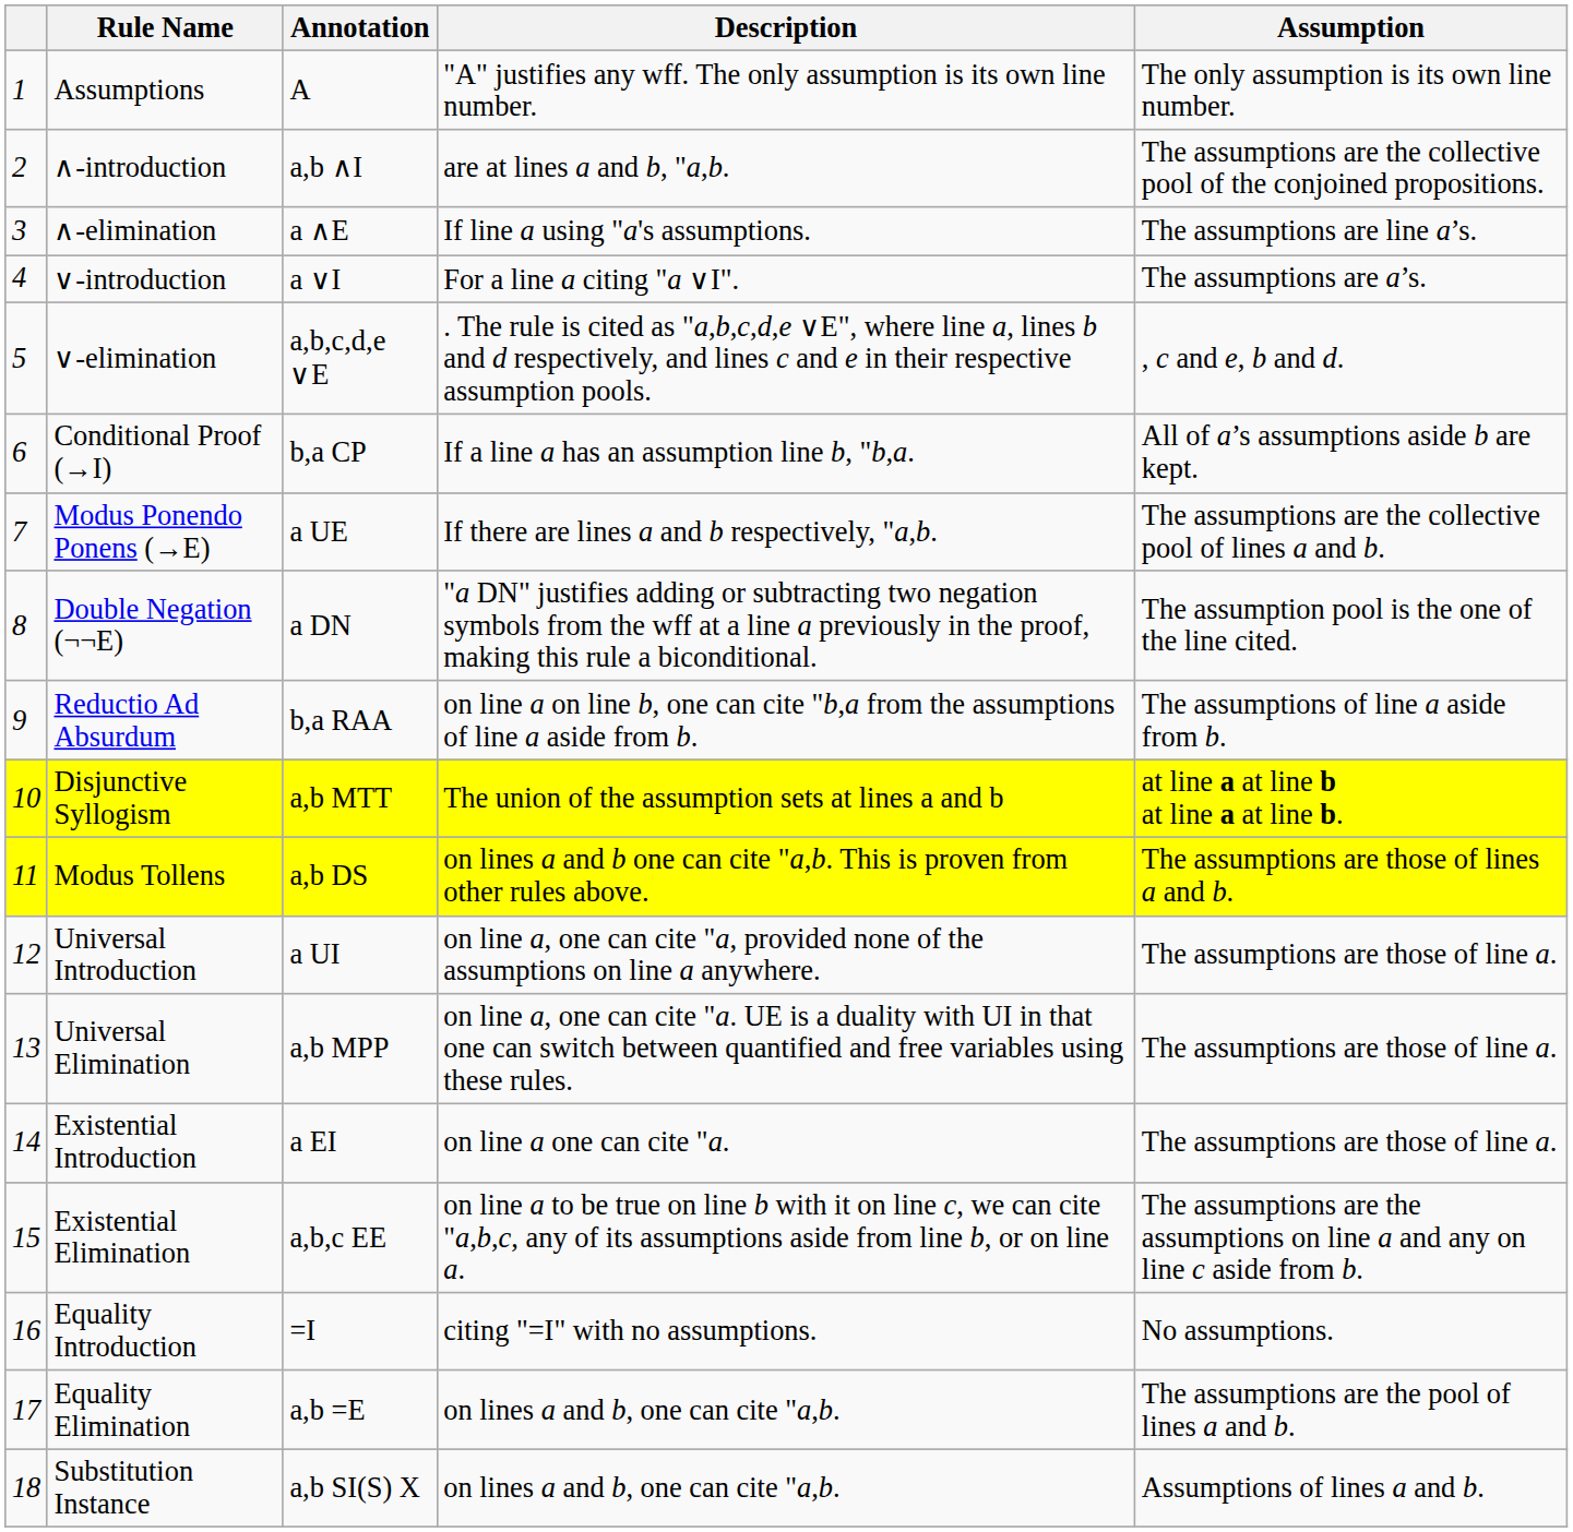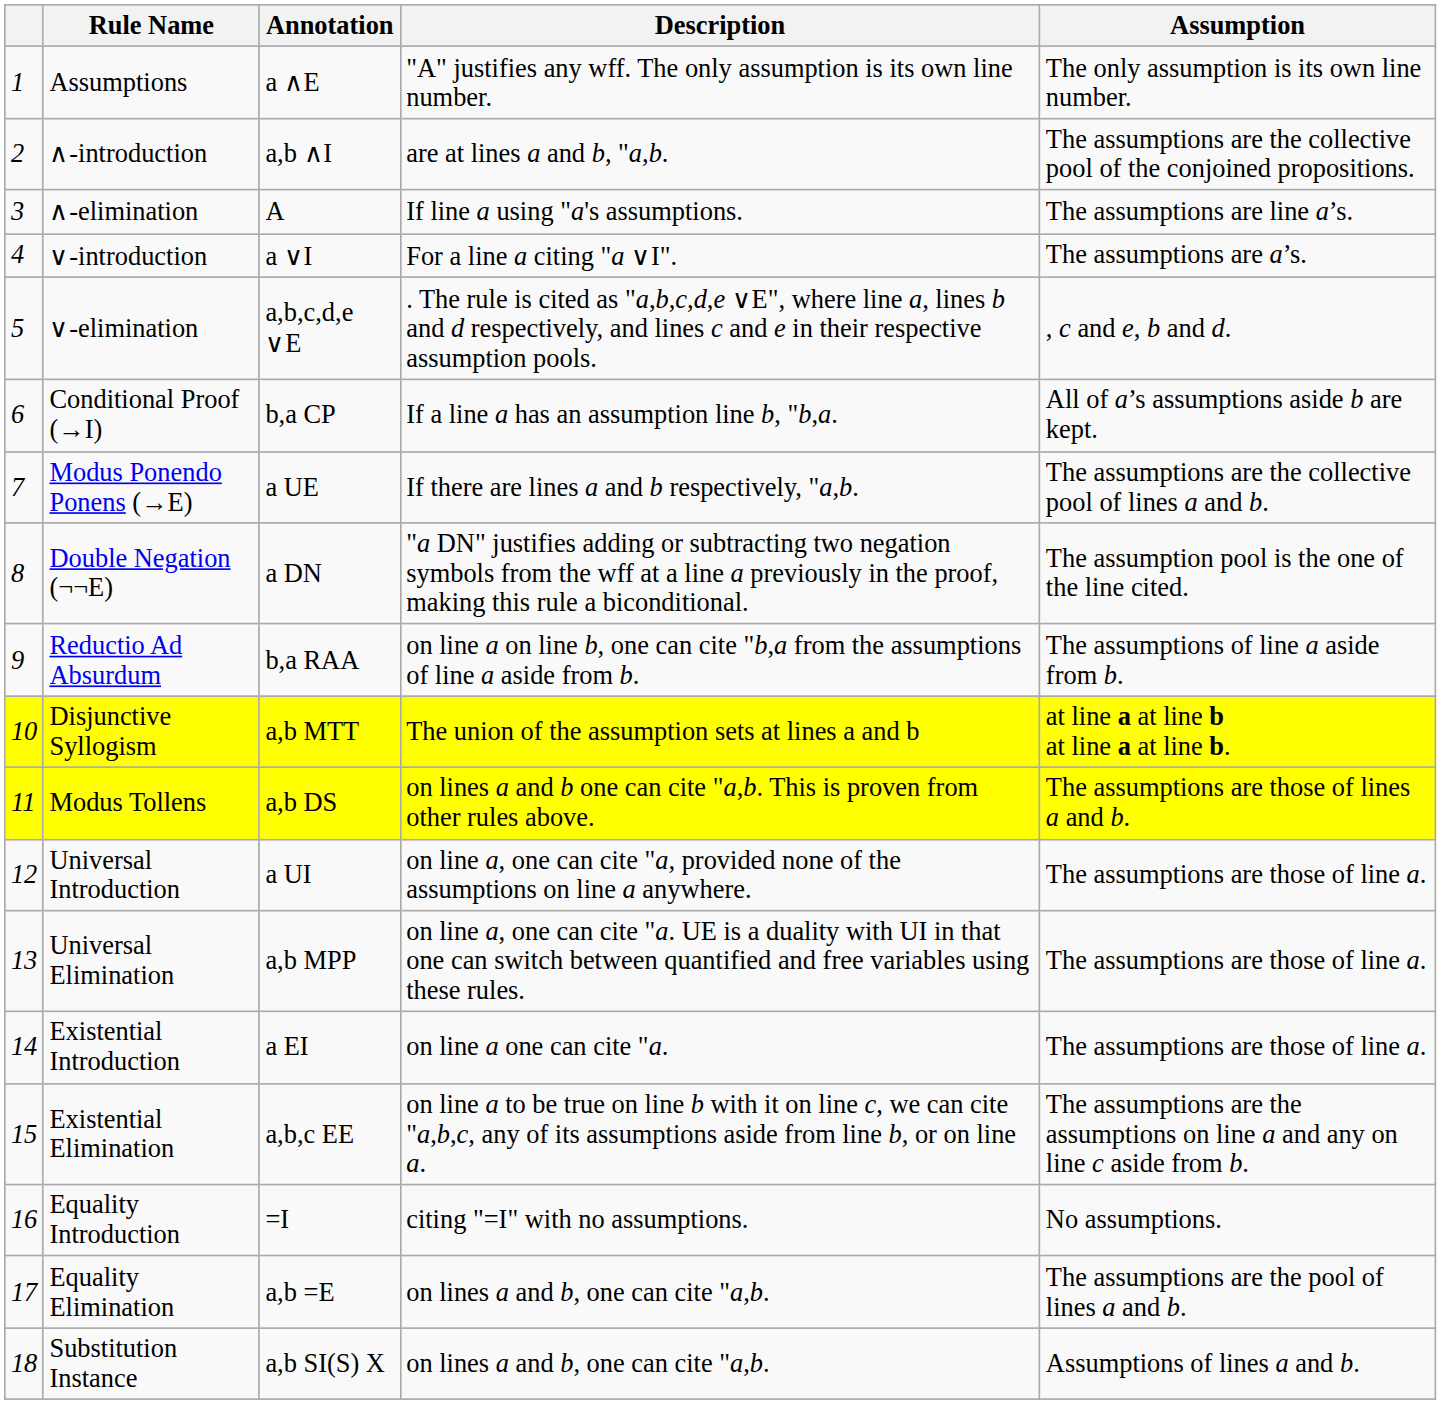 <table class="wikitable">
 <tr>
 <th></th>
 <th style="word-wrap;">Rule Name</th>
 <th style="word-wrap: nowrap;">Annotation</th>
 <th style="word-wrap: break-word;">Description</th>
 <th style="word-wrap: break-word;">Assumption</th>
 </tr>
 <tr>
 <td><em>1</em></td>
 <td>Assumptions</td>
-<td>A</td>
+<td>a ∧E</td>
 <td>"A" justifies any wff. The only assumption is its own line number.</td>
 <td>The only assumption is its own line number.</td>
 </tr>
 <tr>
 <td><em>2</em></td>
 <td>∧-introduction</td>
 <td>a,b ∧I</td>
 <td> are at lines <em>a</em> and <em>b</em>, "<em>a</em>,<em>b</em>.</td>
 <td>The assumptions are the collective pool of the conjoined propositions.</td>
 </tr>
 <tr>
 <td><em>3</em></td>
 <td>∧-elimination</td>
-<td>a ∧E</td>
+<td>A</td>
 <td>If line <em>a</em> using "<em>a</em>'s assumptions.</td>
 <td>The assumptions are line <em>a</em>’s.</td>
 </tr>
 <tr>
 <td><em>4</em></td>
 <td>∨-introduction</td>
 <td>a ∨I</td>
 <td>For a line <em>a</em> citing "<em>a</em> ∨I".</td>
 <td>The assumptions are <em>a</em>’s.</td>
 </tr>
 <tr>
 <td><em>5</em></td>
 <td>∨-elimination</td>
 <td>a,b,c,d,e ∨E</td>
 <td>. The rule is cited as "<em>a</em>,<em>b</em>,<em>c</em>,<em>d</em>,<em>e</em> ∨E", where line <em>a</em>, lines <em>b</em> and <em>d</em> respectively, and lines <em>c</em> and <em>e</em> in their respective assumption pools.</td>
 <td>, <em>c</em> and <em>e</em>, <em>b</em> and <em>d</em>.</td>
 </tr>
 <tr>
 <td><em>6</em></td>
 <td>Conditional Proof (→I)</td>
 <td>b,a CP</td>
 <td>If a line <em>a</em> has an assumption line <em>b</em>, "<em>b</em>,<em>a</em>.</td>
 <td>All of <em>a</em>’s assumptions aside <em>b</em> are kept.</td>
 </tr>
 <tr>
 <td><em>7</em></td>
 <td><a href='#'>Modus Ponendo Ponens</a> (→E)</td>
 <td>a UE</td>
 <td>If there are lines <em>a</em> and <em>b</em> respectively, "<em>a</em>,<em>b</em>.</td>
 <td>The assumptions are the collective pool of lines <em>a</em> and <em>b</em>.</td>
 </tr>
 <tr>
 <td><em>8</em></td>
 <td><a href='#'>Double Negation</a> (¬¬E)</td>
 <td>a DN</td>
 <td>"<em>a</em> DN" justifies adding or subtracting two negation symbols from the wff at a line <em>a</em> previously in the proof, making this rule a biconditional.</td>
 <td>The assumption pool is the one of the line cited.</td>
 </tr>
 <tr>
 <td><em>9</em></td>
 <td><a href='#'>Reductio Ad Absurdum</a></td>
 <td>b,a RAA</td>
 <td> on line <em>a</em> on line <em>b</em>, one can cite "<em>b</em>,<em>a</em> from the assumptions of line <em>a</em> aside from <em>b</em>.</td>
 <td>The assumptions of line <em>a</em> aside from <em>b</em>.</td>
 </tr>
 <tr>
 <td bgcolor="yellow"><em>10</em></td>
 <td bgcolor="yellow">Disjunctive Syllogism</td>
 <td bgcolor="yellow">a,b MTT</td>
 <td bgcolor="yellow">The union of the assumption sets at lines a and b</td>
 <td bgcolor="yellow"> at line <strong>a</strong> at line <strong>b</strong><br> at line <strong>a</strong> at line <strong>b</strong>.</td>
 </tr>
 <tr>
 <td bgcolor="yellow"><em>11</em></td>
 <td bgcolor="yellow">Modus Tollens</td>
 <td bgcolor="yellow">a,b DS</td>
 <td bgcolor="yellow"> on lines <em>a</em> and <em>b</em> one can cite "<em>a</em>,<em>b</em>. This is proven from other rules above.</td>
 <td bgcolor="yellow">The assumptions are those of lines <em>a</em> and <em>b</em>.</td>
 </tr>
 <tr>
 <td><em>12</em></td>
 <td>Universal Introduction</td>
 <td>a UI</td>
 <td> on line <em>a</em>, one can cite "<em>a</em>, provided none of the assumptions on line <em>a</em> anywhere.</td>
 <td>The assumptions are those of line <em>a</em>.</td>
 </tr>
 <tr>
 <td><em>13</em></td>
 <td>Universal Elimination</td>
 <td>a,b MPP</td>
 <td> on line <em>a</em>, one can cite "<em>a</em>. UE is a duality with UI in that one can switch between quantified and free variables using these rules.</td>
 <td>The assumptions are those of line <em>a</em>.</td>
 </tr>
 <tr>
 <td><em>14</em></td>
 <td>Existential Introduction</td>
 <td>a EI</td>
 <td> on line <em>a</em> one can cite "<em>a</em>.</td>
 <td>The assumptions are those of line <em>a</em>.</td>
 </tr>
 <tr>
 <td><em>15</em></td>
 <td>Existential Elimination</td>
 <td>a,b,c EE</td>
 <td> on line <em>a</em> to be true on line <em>b</em> with it on line <em>c</em>, we can cite "<em>a</em>,<em>b</em>,<em>c</em>, any of its assumptions aside from line <em>b</em>, or on line <em>a</em>.</td>
 <td>The assumptions are the assumptions on line <em>a</em> and any on line <em>c</em> aside from <em>b</em>.</td>
 </tr>
 <tr>
 <td><em>16</em></td>
 <td>Equality Introduction</td>
 <td>=I</td>
 <td> citing "=I" with no assumptions.</td>
 <td>No assumptions.</td>
 </tr>
 <tr>
 <td><em>17</em></td>
 <td>Equality Elimination</td>
 <td>a,b =E</td>
 <td> on lines <em>a</em> and <em>b</em>, one can cite "<em>a</em>,<em>b</em>.</td>
 <td>The assumptions are the pool of lines <em>a</em> and <em>b</em>.</td>
 </tr>
 <tr>
 <td><em>18</em></td>
 <td>Substitution Instance</td>
 <td>a,b SI(S) X</td>
 <td> on lines <em>a</em> and <em>b</em>, one can cite "<em>a</em>,<em>b</em>.</td>
 <td>Assumptions of lines <em>a</em> and <em>b</em>.</td>
 </tr>
 </table>
